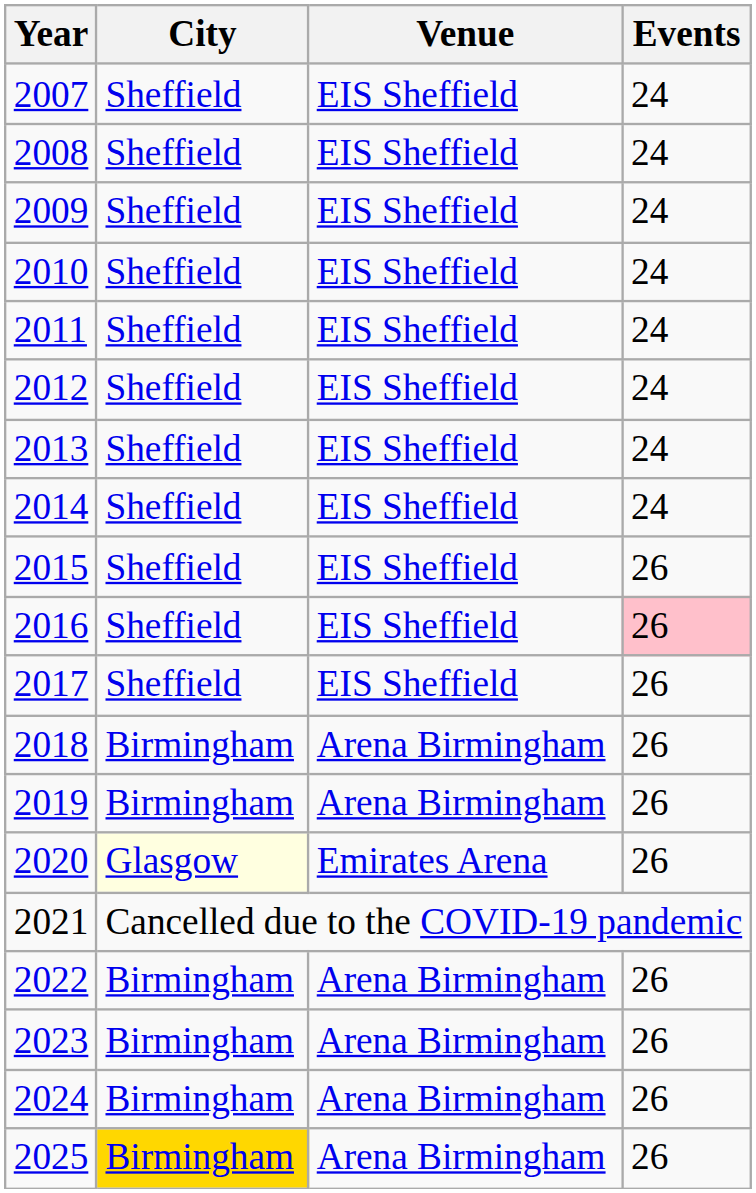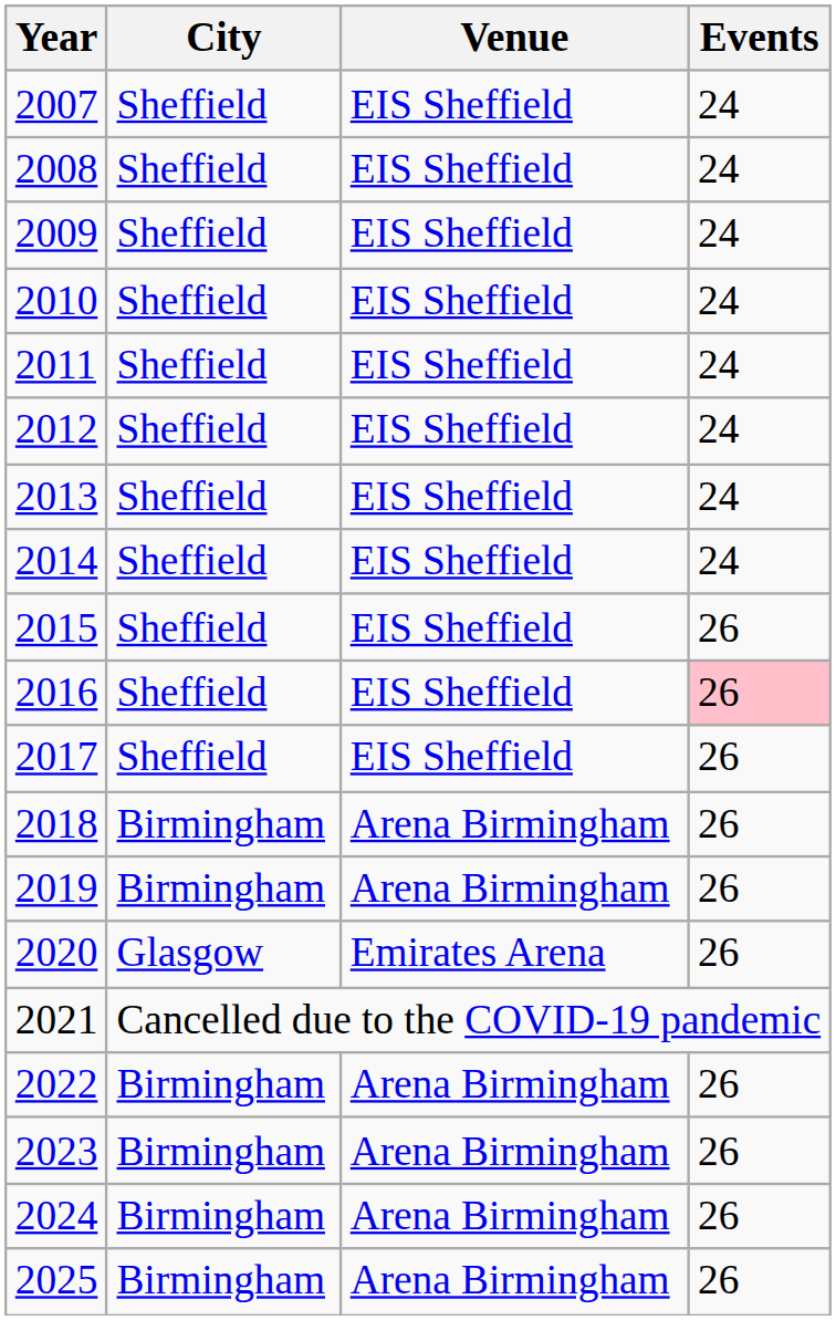 <table class="wikitable">
 <tr>
 <th>Year</th>
 <th>City</th>
 <th>Venue</th>
 <th>Events</th>
 </tr>
 <tr>
 <td><a href='#'>2007</a></td>
 <td><a href='#'>Sheffield</a></td>
 <td><a href='#'>EIS Sheffield</a></td>
 <td>24</td>
 </tr>
 <tr>
 <td><a href='#'>2008</a></td>
 <td><a href='#'>Sheffield</a></td>
 <td><a href='#'>EIS Sheffield</a></td>
 <td>24</td>
 </tr>
 <tr>
 <td><a href='#'>2009</a></td>
 <td><a href='#'>Sheffield</a></td>
 <td><a href='#'>EIS Sheffield</a></td>
 <td>24</td>
 </tr>
 <tr>
 <td><a href='#'>2010</a></td>
 <td><a href='#'>Sheffield</a></td>
 <td><a href='#'>EIS Sheffield</a></td>
 <td>24</td>
 </tr>
 <tr>
 <td><a href='#'>2011</a></td>
 <td><a href='#'>Sheffield</a></td>
 <td><a href='#'>EIS Sheffield</a></td>
 <td>24</td>
 </tr>
 <tr>
 <td><a href='#'>2012</a></td>
 <td><a href='#'>Sheffield</a></td>
 <td><a href='#'>EIS Sheffield</a></td>
 <td>24</td>
 </tr>
 <tr>
 <td><a href='#'>2013</a></td>
 <td><a href='#'>Sheffield</a></td>
 <td><a href='#'>EIS Sheffield</a></td>
 <td>24</td>
 </tr>
 <tr>
 <td><a href='#'>2014</a></td>
 <td><a href='#'>Sheffield</a></td>
 <td><a href='#'>EIS Sheffield</a></td>
 <td>24</td>
 </tr>
 <tr>
 <td><a href='#'>2015</a></td>
 <td><a href='#'>Sheffield</a></td>
 <td><a href='#'>EIS Sheffield</a></td>
 <td>26</td>
 </tr>
 <tr>
 <td><a href='#'>2016</a></td>
 <td><a href='#'>Sheffield</a></td>
 <td><a href='#'>EIS Sheffield</a></td>
 <td style="background: pink;">26</td>
 </tr>
 <tr>
 <td><a href='#'>2017</a></td>
 <td><a href='#'>Sheffield</a></td>
 <td><a href='#'>EIS Sheffield</a></td>
 <td>26</td>
 </tr>
 <tr>
 <td><a href='#'>2018</a></td>
 <td><a href='#'>Birmingham</a></td>
 <td><a href='#'>Arena Birmingham</a></td>
 <td>26</td>
 </tr>
 <tr>
 <td><a href='#'>2019</a></td>
 <td><a href='#'>Birmingham</a></td>
 <td><a href='#'>Arena Birmingham</a></td>
 <td>26</td>
 </tr>
 <tr>
 <td><a href='#'>2020</a></td>
-<td style="background: lightyellow;"><a href='#'>Glasgow</a></td>
+<td><a href='#'>Glasgow</a></td>
 <td><a href='#'>Emirates Arena</a></td>
 <td>26</td>
 </tr>
 <tr>
 <td>2021</td>
 <td colspan="3">Cancelled due to the <a href='#'>COVID-19 pandemic</a></td>
 </tr>
 <tr>
 <td><a href='#'>2022</a></td>
 <td><a href='#'>Birmingham</a></td>
 <td><a href='#'>Arena Birmingham</a></td>
 <td>26</td>
 </tr>
 <tr>
 <td><a href='#'>2023</a></td>
 <td><a href='#'>Birmingham</a></td>
 <td><a href='#'>Arena Birmingham</a></td>
 <td>26</td>
 </tr>
 <tr>
 <td><a href='#'>2024</a></td>
 <td><a href='#'>Birmingham</a></td>
 <td><a href='#'>Arena Birmingham</a></td>
 <td>26</td>
 </tr>
 <tr>
 <td><a href='#'>2025</a></td>
-<td style="background: gold;"><a href='#'>Birmingham</a></td>
+<td><a href='#'>Birmingham</a></td>
 <td><a href='#'>Arena Birmingham</a></td>
 <td>26</td>
 </tr>
 </table>
